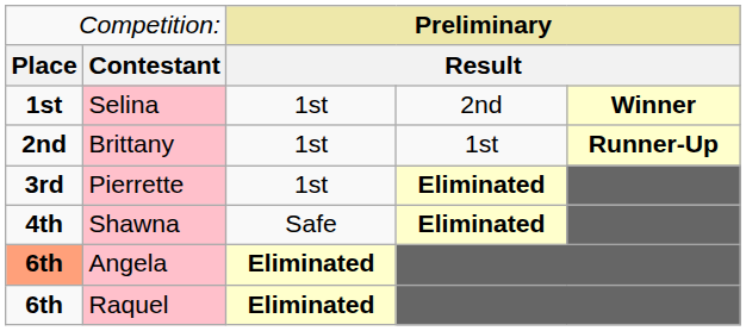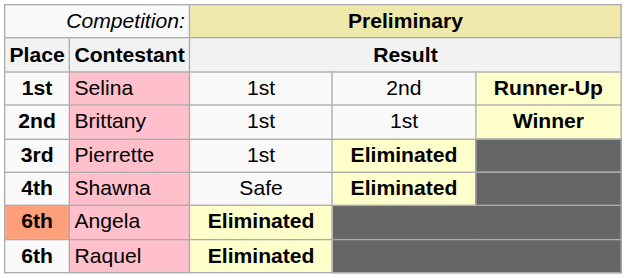 <table class="wikitable">
 <tr>
 <td width=30% colspan="2" align="right"><em>Competition:</em></td>
 <td colspan="11" bgcolor="palegoldenrod" align="Center"><strong>Preliminary</strong></td>
 </tr>
 <tr>
 <th>Place</th>
 <th>Contestant</th>
 <th colspan="14" align="center">Result</th>
 </tr>
 <tr>
 <td align="center"><strong>1st</strong></td>
 <td bgcolor="pink">Selina</td>
 <td align="center">1st</td>
 <td align="center">2nd</td>
-<td bgcolor="FFFFCC" align="center"><strong>Winner</strong></td>
+<td bgcolor="FFFFCC" align="center"><strong>Runner-Up</strong></td>
 </tr>
 <tr>
 <td align="center"><strong>2nd</strong></td>
 <td bgcolor="pink">Brittany</td>
 <td align="center">1st</td>
 <td align="center">1st</td>
-<td bgcolor="FFFFCC" align="center"><strong>Runner-Up</strong></td>
+<td bgcolor="FFFFCC" align="center"><strong>Winner</strong></td>
 </tr>
 <tr>
 <td align="center"><strong>3rd</strong></td>
 <td bgcolor="pink">Pierrette</td>
 <td align="center">1st</td>
 <td bgcolor="FFFFCC" align="center"><strong>Eliminated</strong></td>
 <td colspan="1" bgcolor="666666"></td>
 </tr>
 <tr>
 <td align="center"><strong>4th</strong></td>
 <td bgcolor="pink">Shawna</td>
 <td align="center">Safe</td>
 <td bgcolor="FFFFCC" align="center"><strong>Eliminated</strong></td>
 <td colspan="1" bgcolor="666666"></td>
 </tr>
 <tr>
 <td align="center" style="background: lightsalmon;"><strong>6th</strong></td>
 <td bgcolor="pink">Angela</td>
 <td bgcolor="FFFFCC" align="center"><strong>Eliminated</strong></td>
 <td colspan="2" bgcolor="666666"></td>
 </tr>
 <tr>
 <td align="center"><strong>6th</strong></td>
 <td bgcolor="pink">Raquel</td>
 <td bgcolor="FFFFCC" align="center"><strong>Eliminated</strong></td>
 <td colspan="2" bgcolor="666666"></td>
 </tr>
 </table>
